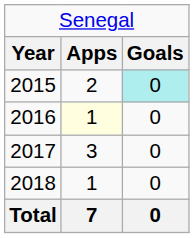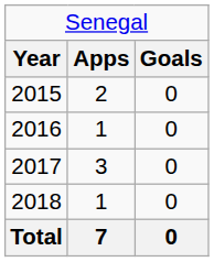 <table class="wikitable" style="text-align:center">
 <tr>
 <td colspan="3"><a href='#'>Senegal</a></td>
 </tr>
 <tr>
 <th>Year</th>
 <th>Apps</th>
 <th>Goals</th>
 </tr>
 <tr>
 <td>2015</td>
 <td>2</td>
-<td style="background: paleturquoise;">0</td>
+<td>0</td>
 </tr>
 <tr>
 <td>2016</td>
-<td style="background: lightyellow;">1</td>
+<td>1</td>
 <td>0</td>
 </tr>
 <tr>
 <td>2017</td>
 <td>3</td>
 <td>0</td>
 </tr>
 <tr>
 <td>2018</td>
 <td>1</td>
 <td>0</td>
 </tr>
 <tr>
 <th>Total</th>
 <th>7</th>
 <th>0</th>
 </tr>
 </table>
